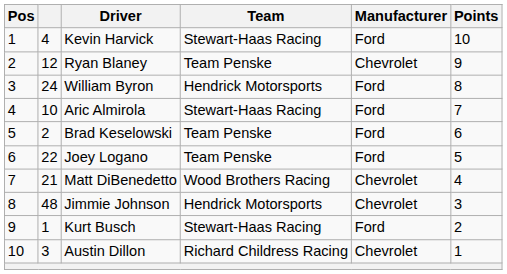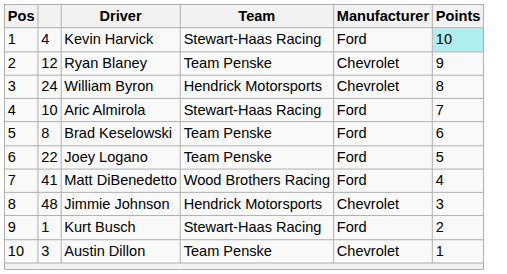 <table class="wikitable" style="font-size:98%">
 <tr>
 <th>Pos</th>
 <th></th>
 <th>Driver</th>
 <th>Team</th>
 <th>Manufacturer</th>
 <th>Points</th>
 </tr>
 <tr>
 <td>1</td>
 <td>4</td>
 <td>Kevin Harvick</td>
 <td>Stewart-Haas Racing</td>
 <td>Ford</td>
-<td>10</td>
+<td style="background: paleturquoise;">10</td>
 </tr>
 <tr>
 <td>2</td>
 <td>12</td>
 <td>Ryan Blaney</td>
 <td>Team Penske</td>
 <td>Chevrolet</td>
 <td>9</td>
 </tr>
 <tr>
 <td>3</td>
 <td>24</td>
 <td>William Byron</td>
 <td>Hendrick Motorsports</td>
-<td>Ford</td>
+<td>Chevrolet</td>
 <td>8</td>
 </tr>
 <tr>
 <td>4</td>
 <td>10</td>
 <td>Aric Almirola</td>
 <td>Stewart-Haas Racing</td>
 <td>Ford</td>
 <td>7</td>
 </tr>
 <tr>
 <td>5</td>
-<td>2</td>
+<td>8</td>
 <td>Brad Keselowski</td>
 <td>Team Penske</td>
 <td>Ford</td>
 <td>6</td>
 </tr>
 <tr>
 <td>6</td>
 <td>22</td>
 <td>Joey Logano</td>
 <td>Team Penske</td>
 <td>Ford</td>
 <td>5</td>
 </tr>
 <tr>
 <td>7</td>
-<td>21</td>
+<td>41</td>
 <td>Matt DiBenedetto</td>
 <td>Wood Brothers Racing</td>
-<td>Chevrolet</td>
+<td>Ford</td>
 <td>4</td>
 </tr>
 <tr>
 <td>8</td>
 <td>48</td>
 <td>Jimmie Johnson</td>
 <td>Hendrick Motorsports</td>
 <td>Chevrolet</td>
 <td>3</td>
 </tr>
 <tr>
 <td>9</td>
 <td>1</td>
 <td>Kurt Busch</td>
 <td>Stewart-Haas Racing</td>
 <td>Ford</td>
 <td>2</td>
 </tr>
 <tr>
 <td>10</td>
 <td>3</td>
 <td>Austin Dillon</td>
-<td>Richard Childress Racing</td>
+<td>Team Penske</td>
 <td>Chevrolet</td>
 <td>1</td>
 </tr>
 <tr>
 <th colspan="6"></th>
 </tr>
 </table>
